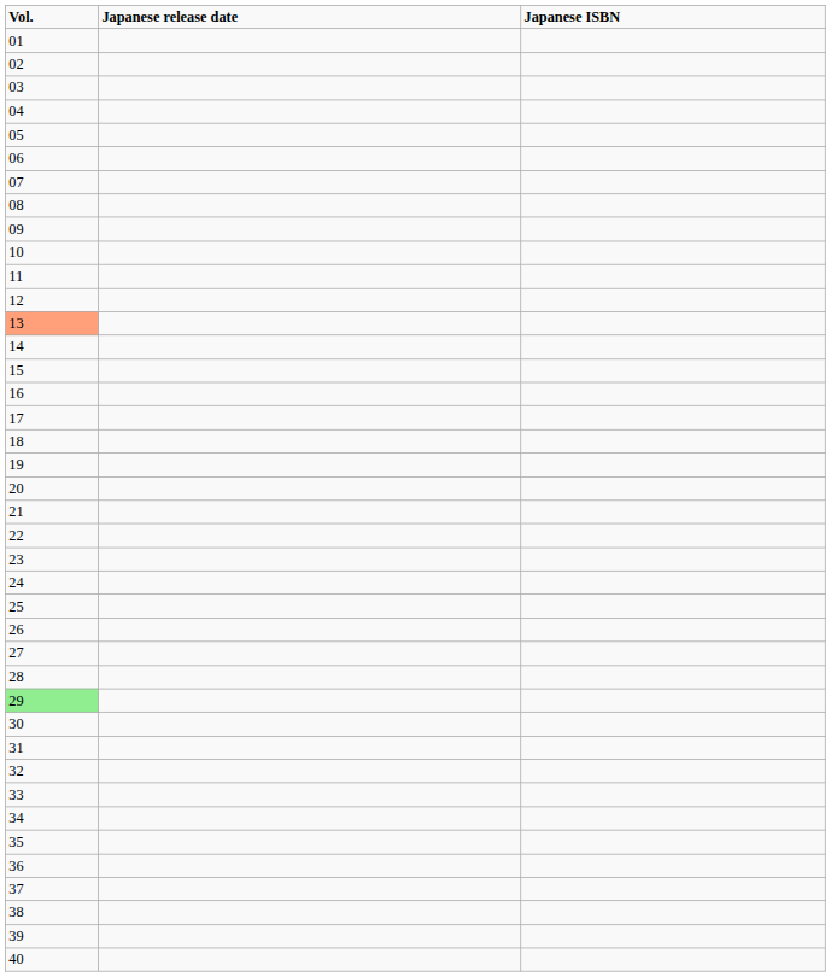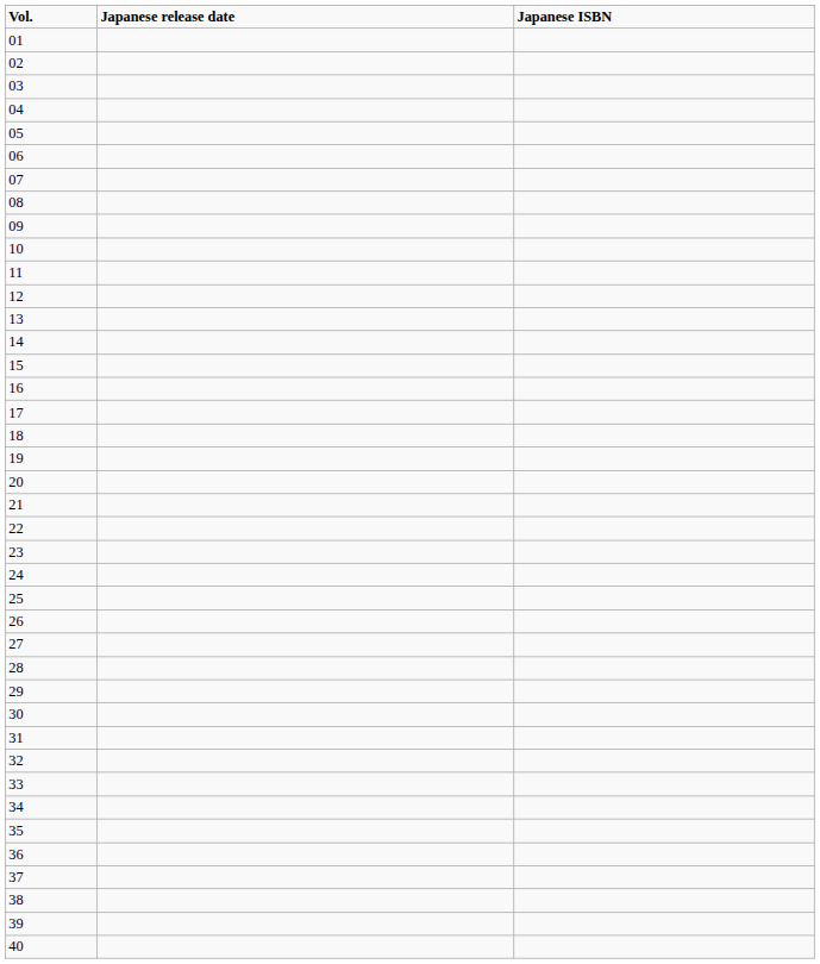 <table class="wikitable" width="100%">
 <tr>
 <td><strong>Vol.</strong></td>
 <td><strong>Japanese release date</strong></td>
 <td><strong>Japanese ISBN</strong></td>
 </tr>
 <tr>
 <td>01</td>
 <td></td>
 <td></td>
 </tr>
 <tr>
 <td>02</td>
 <td></td>
 <td></td>
 </tr>
 <tr>
 <td>03</td>
 <td></td>
 <td></td>
 </tr>
 <tr>
 <td>04</td>
 <td></td>
 <td></td>
 </tr>
 <tr>
 <td>05</td>
 <td></td>
 <td></td>
 </tr>
 <tr>
 <td>06</td>
 <td></td>
 <td></td>
 </tr>
 <tr>
 <td>07</td>
 <td></td>
 <td></td>
 </tr>
 <tr>
 <td>08</td>
 <td></td>
 <td></td>
 </tr>
 <tr>
 <td>09</td>
 <td></td>
 <td></td>
 </tr>
 <tr>
 <td>10</td>
 <td></td>
 <td></td>
 </tr>
 <tr>
 <td>11</td>
 <td></td>
 <td></td>
 </tr>
 <tr>
 <td>12</td>
 <td></td>
 <td></td>
 </tr>
 <tr>
-<td style="background: lightsalmon;">13</td>
+<td>13</td>
 <td></td>
 <td></td>
 </tr>
 <tr>
 <td>14</td>
 <td></td>
 <td></td>
 </tr>
 <tr>
 <td>15</td>
 <td></td>
 <td></td>
 </tr>
 <tr>
 <td>16</td>
 <td></td>
 <td></td>
 </tr>
 <tr>
 <td>17</td>
 <td></td>
 <td></td>
 </tr>
 <tr>
 <td>18</td>
 <td></td>
 <td></td>
 </tr>
 <tr>
 <td>19</td>
 <td></td>
 <td></td>
 </tr>
 <tr>
 <td>20</td>
 <td></td>
 <td></td>
 </tr>
 <tr>
 <td>21</td>
 <td></td>
 <td></td>
 </tr>
 <tr>
 <td>22</td>
 <td></td>
 <td></td>
 </tr>
 <tr>
 <td>23</td>
 <td></td>
 <td></td>
 </tr>
 <tr>
 <td>24</td>
 <td></td>
 <td></td>
 </tr>
 <tr>
 <td>25</td>
 <td></td>
 <td></td>
 </tr>
 <tr>
 <td>26</td>
 <td></td>
 <td></td>
 </tr>
 <tr>
 <td>27</td>
 <td></td>
 <td></td>
 </tr>
 <tr>
 <td>28</td>
 <td></td>
 <td></td>
 </tr>
 <tr>
-<td style="background: lightgreen;">29</td>
+<td>29</td>
 <td></td>
 <td></td>
 </tr>
 <tr>
 <td>30</td>
 <td></td>
 <td></td>
 </tr>
 <tr>
 <td>31</td>
 <td></td>
 <td></td>
 </tr>
 <tr>
 <td>32</td>
 <td></td>
 <td></td>
 </tr>
 <tr>
 <td>33</td>
 <td></td>
 <td></td>
 </tr>
 <tr>
 <td>34</td>
 <td></td>
 <td></td>
 </tr>
 <tr>
 <td>35</td>
 <td></td>
 <td></td>
 </tr>
 <tr>
 <td>36</td>
 <td></td>
 <td></td>
 </tr>
 <tr>
 <td>37</td>
 <td></td>
 <td></td>
 </tr>
 <tr>
 <td>38</td>
 <td></td>
 <td></td>
 </tr>
 <tr>
 <td>39</td>
 <td></td>
 <td></td>
 </tr>
 <tr>
 <td>40</td>
 <td></td>
 <td></td>
 </tr>
 </table>
